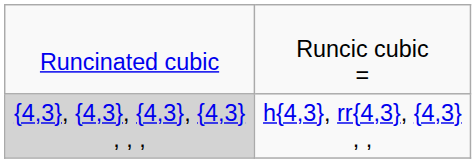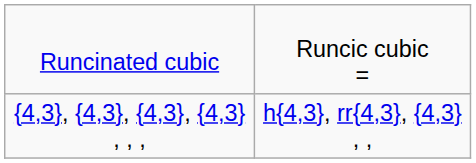 <table class=wikitable width=320>
 <tr align=center>
 <td><br><a href='#'>Runcinated cubic</a><br></td>
 <td><br>Runcic cubic<br> = </td>
 </tr>
 <tr align=center>
-<td style="background: lightgrey;"><a href='#'>{4,3}</a>, <a href='#'>{4,3}</a>, <a href='#'>{4,3}</a>, <a href='#'>{4,3}</a><br>, , , </td>
+<td><a href='#'>{4,3}</a>, <a href='#'>{4,3}</a>, <a href='#'>{4,3}</a>, <a href='#'>{4,3}</a><br>, , , </td>
 <td><a href='#'>h{4,3}</a>, <a href='#'>rr{4,3}</a>, <a href='#'>{4,3}</a><br>, , </td>
 </tr>
 </table>
